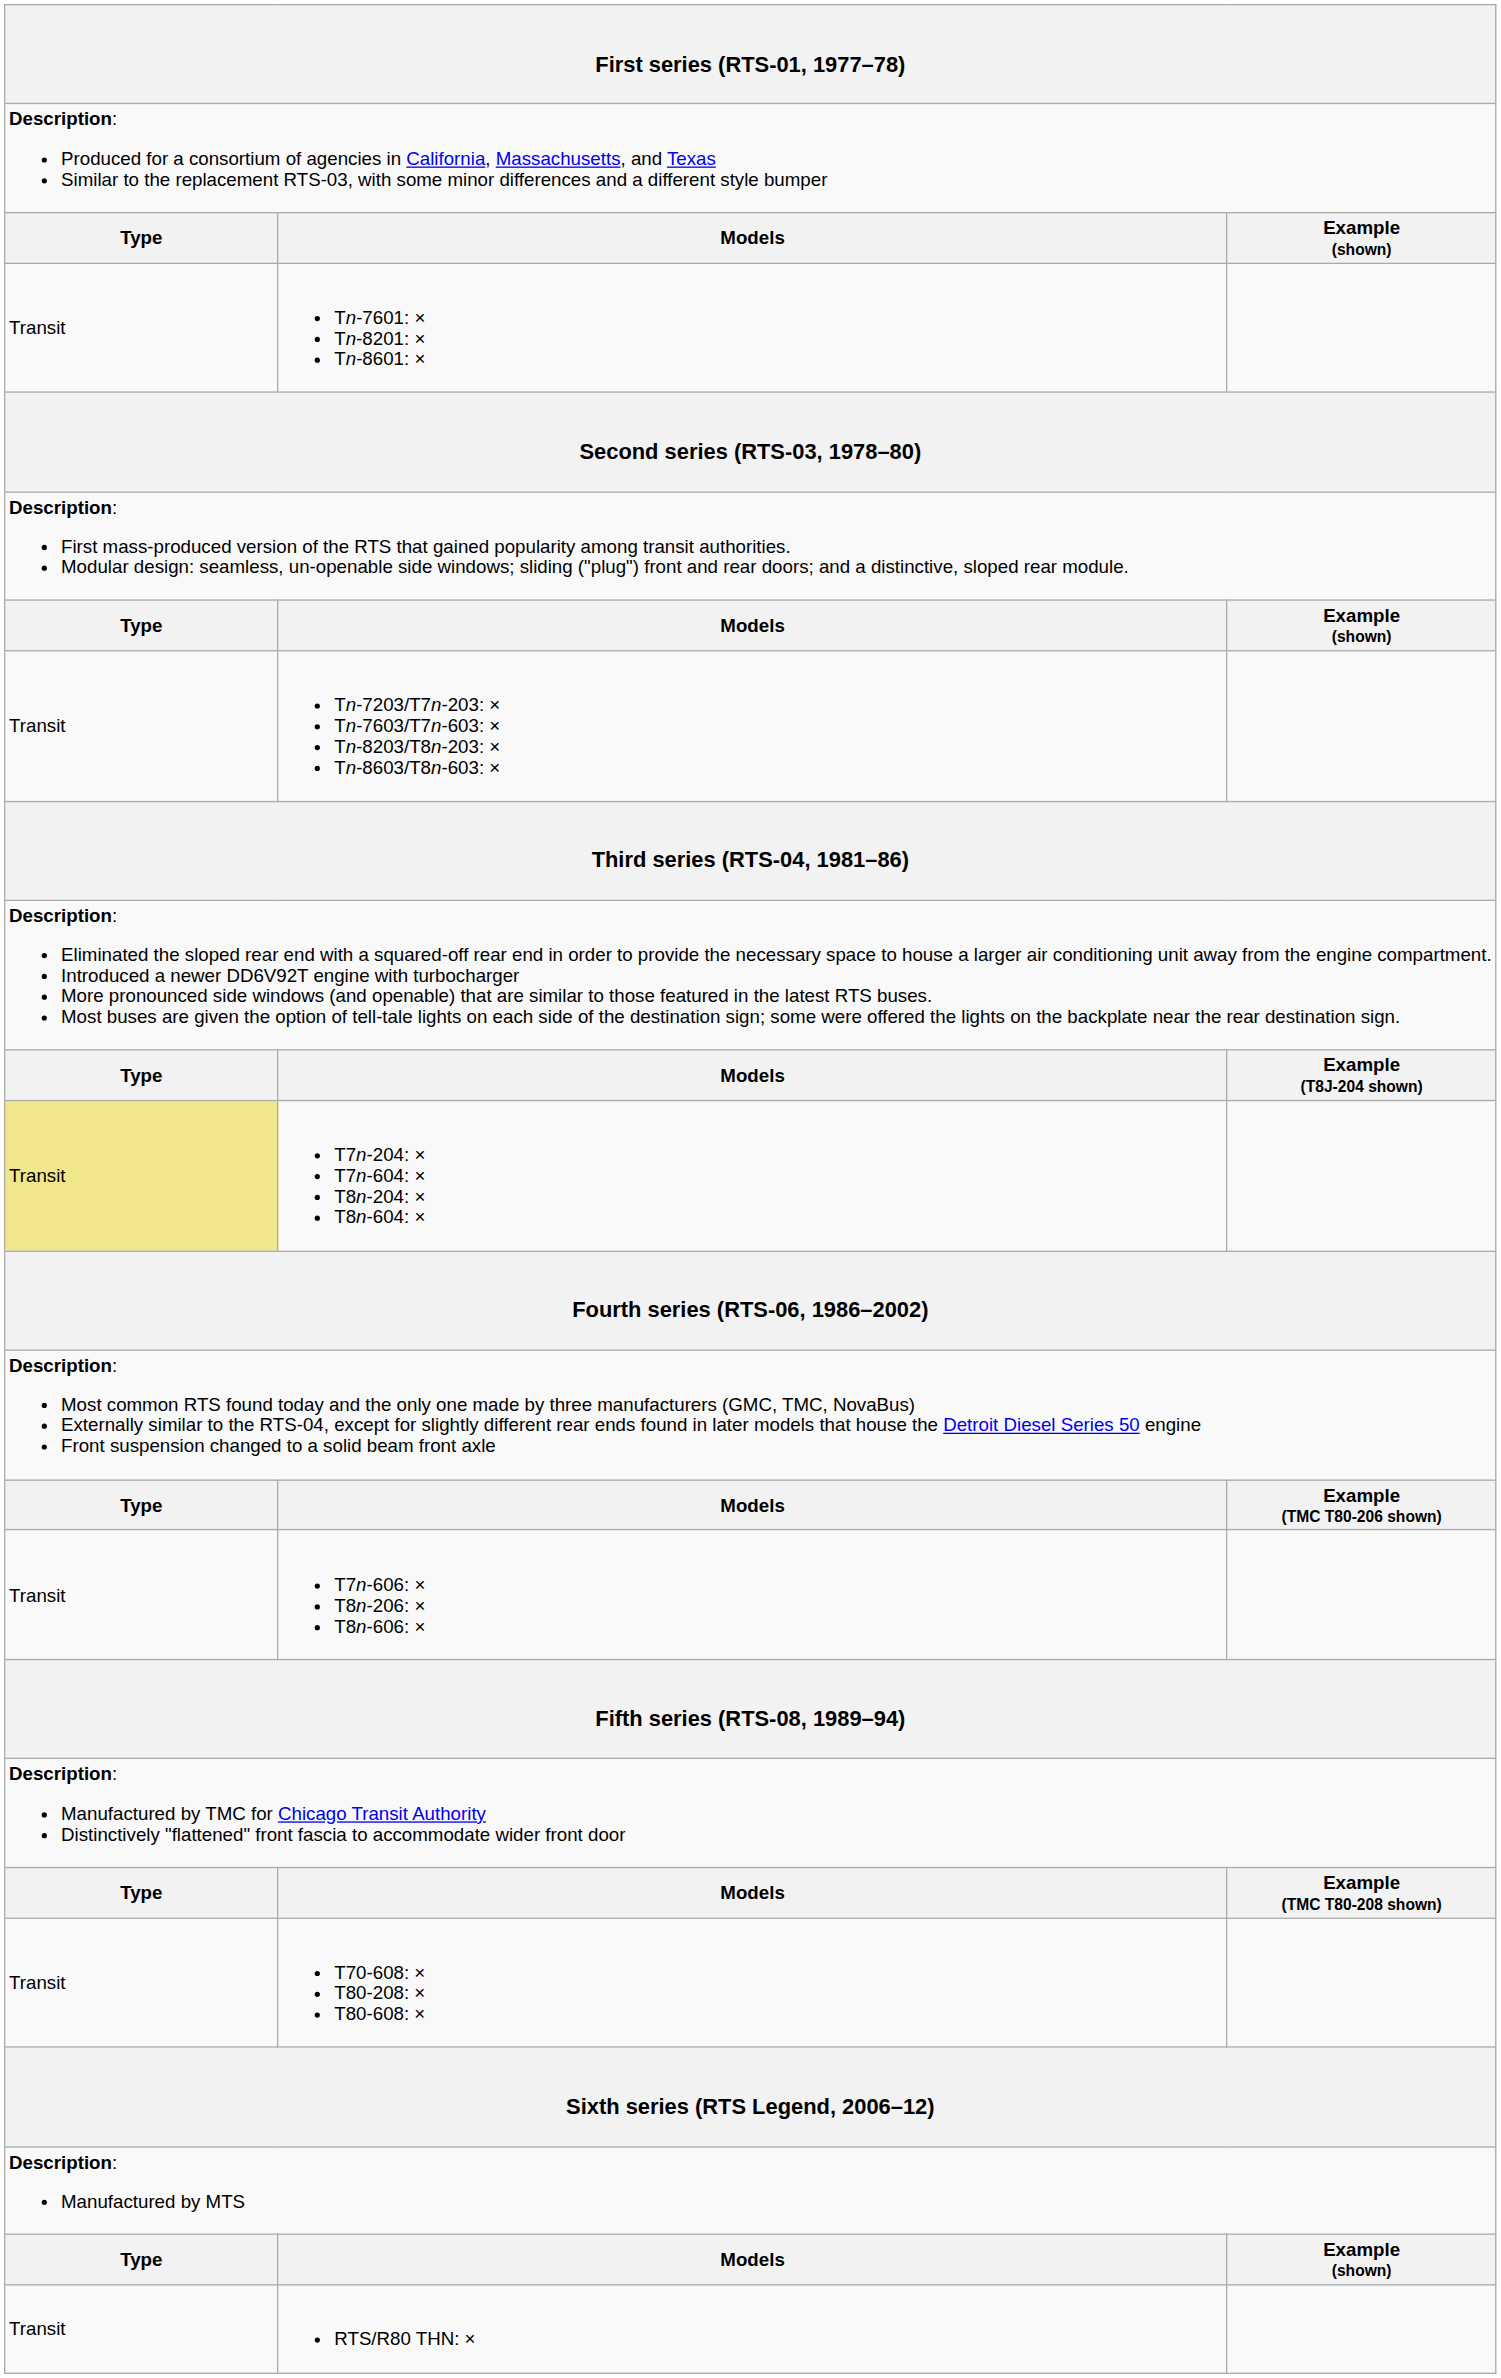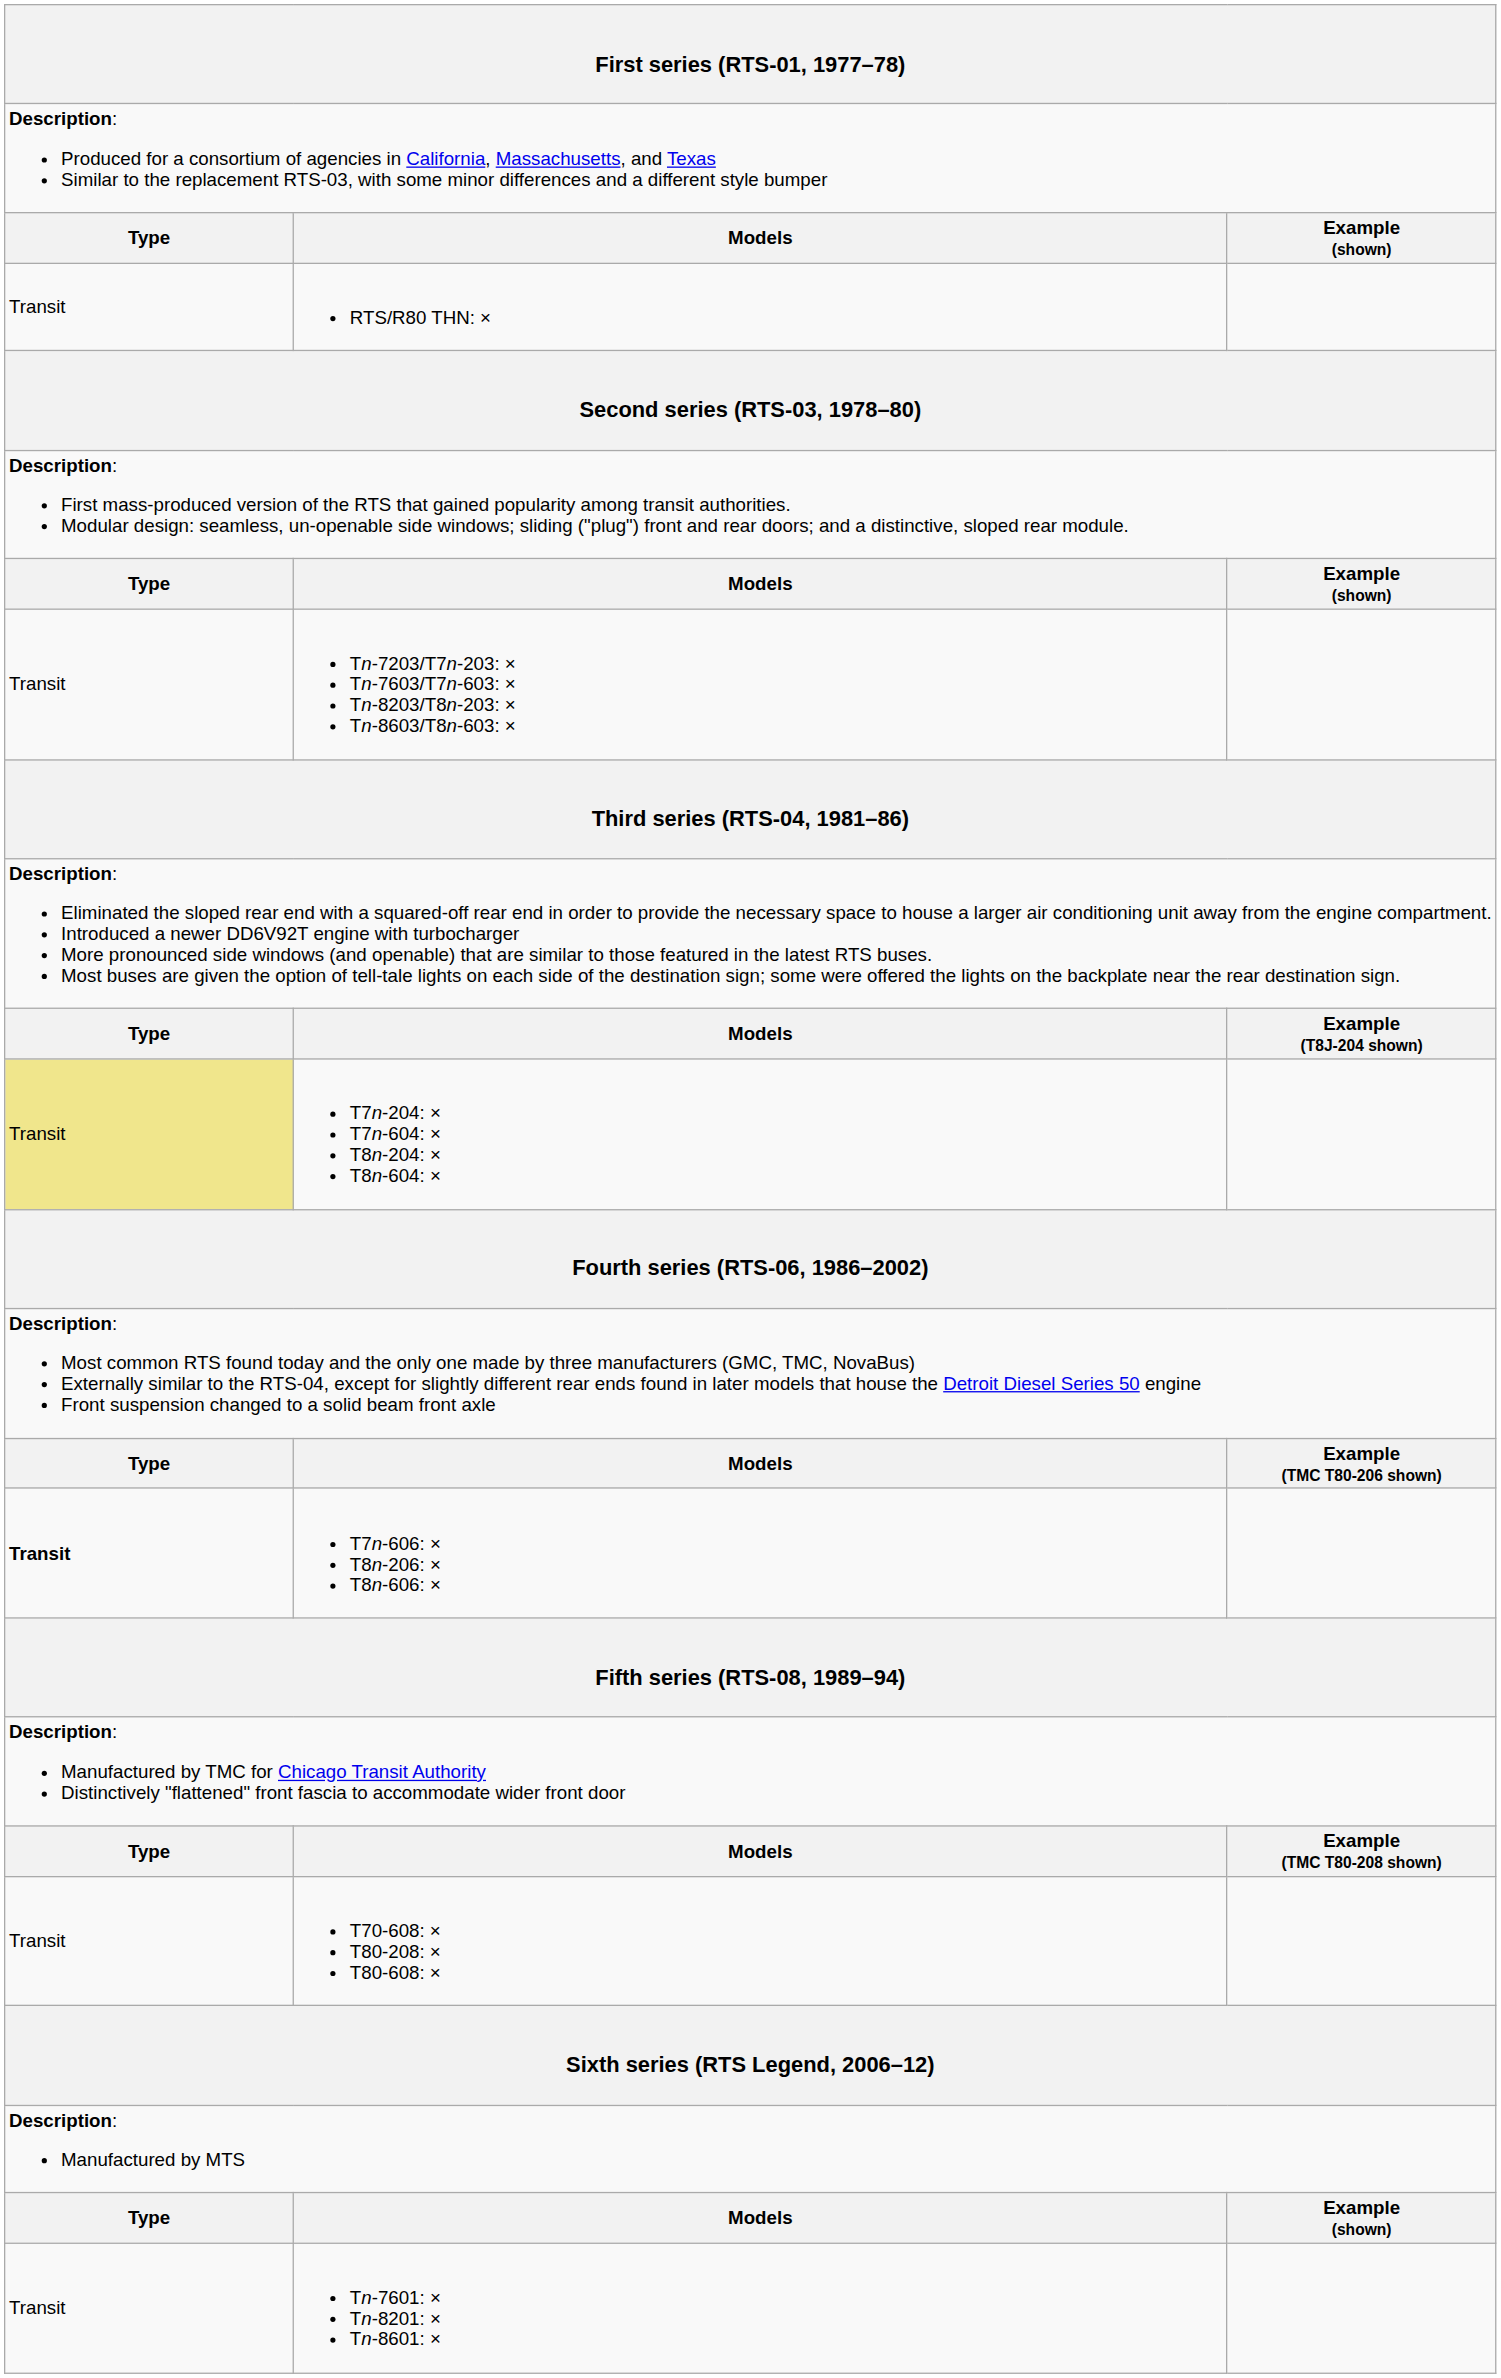 <table class="wikitable" style="font-size:90%;">
 <tr>
 <th colspan=3><br><h3>First series (RTS-01, 1977–78)</h3></th>
 </tr>
 <tr>
 <td colspan=3><strong>Description</strong>:<br><ul><li>Produced for a consortium of agencies in <a href='#'>California</a>, <a href='#'>Massachusetts</a>, and <a href='#'>Texas</a></li><li>Similar to the replacement RTS-03, with some minor differences and a different style bumper</li></ul></td>
 </tr>
 <tr>
 <th>Type</th>
 <th>Models</th>
 <th>Example<br><small>(shown)</small></th>
 </tr>
 <tr>
 <td>Transit</td>
-<td><br><ul><li>T<em>n</em>-7601:  × </li><li>T<em>n</em>-8201:  × </li><li>T<em>n</em>-8601:  × </li></ul></td>
+<td><br><ul><li>RTS/R80 THN:  × </li></ul></td>
 <td></td>
 </tr>
 <tr>
 <th colspan=3><br><h3>Second series (RTS-03, 1978–80)</h3></th>
 </tr>
 <tr>
 <td colspan=3><strong>Description</strong>:<br><ul><li>First mass-produced version of the RTS that gained popularity among transit authorities.</li><li>Modular design: seamless, un-openable side windows; sliding ("plug") front and rear doors; and a distinctive, sloped rear module.</li></ul></td>
 </tr>
 <tr>
 <th>Type</th>
 <th>Models</th>
 <th>Example<br><small>(shown)</small></th>
 </tr>
 <tr>
 <td>Transit</td>
 <td><br><ul><li>T<em>n</em>-7203/T7<em>n</em>-203:  × </li><li>T<em>n</em>-7603/T7<em>n</em>-603:  × </li><li>T<em>n</em>-8203/T8<em>n</em>-203:  × </li><li>T<em>n</em>-8603/T8<em>n</em>-603:  × </li></ul></td>
 <td></td>
 </tr>
 <tr>
 <th colspan=3><br><h3>Third series (RTS-04, 1981–86)</h3></th>
 </tr>
 <tr>
 <td colspan=3><strong>Description</strong>:<br><ul><li>Eliminated the sloped rear end with a squared-off rear end in order to provide the necessary space to house a larger air conditioning unit away from the engine compartment.</li><li>Introduced a newer DD6V92T engine with turbocharger</li><li>More pronounced side windows (and openable) that are similar to those featured in the latest RTS buses.</li><li>Most buses are given the option of tell-tale lights on each side of the destination sign; some were offered the lights on the backplate near the rear destination sign.</li></ul></td>
 </tr>
 <tr>
 <th>Type</th>
 <th>Models</th>
 <th>Example<br><small>(T8J-204 shown)</small></th>
 </tr>
 <tr>
 <td style="background: khaki;">Transit</td>
 <td><br><ul><li>T7<em>n</em>-204:  × </li><li>T7<em>n</em>-604:  × </li><li>T8<em>n</em>-204:  × </li><li>T8<em>n</em>-604:  × </li></ul></td>
 <td></td>
 </tr>
 <tr>
 <th colspan=3><br><h3>Fourth series (RTS-06, 1986–2002)</h3></th>
 </tr>
 <tr>
 <td colspan=3><strong>Description</strong>:<br><ul><li>Most common RTS found today and the only one made by three manufacturers (GMC, TMC, NovaBus)</li><li>Externally similar to the RTS-04, except for slightly different rear ends found in later models that house the <a href='#'>Detroit Diesel Series 50</a> engine</li><li>Front suspension changed to a solid beam front axle</li></ul></td>
 </tr>
 <tr>
 <th>Type</th>
 <th>Models</th>
 <th style="width:200px;">Example<br><small>(TMC T80-206 shown)</small></th>
 </tr>
 <tr>
-<td>Transit</td>
+<td><strong>Transit</strong></td>
 <td><br><ul><li>T7<em>n</em>-606:  × </li><li>T8<em>n</em>-206:  × </li><li>T8<em>n</em>-606:  × </li></ul></td>
 <td></td>
 </tr>
 <tr>
 <th colspan=3><br><h3>Fifth series (RTS-08, 1989–94)</h3></th>
 </tr>
 <tr>
 <td colspan=3><strong>Description</strong>:<br><ul><li>Manufactured by TMC for <a href='#'>Chicago Transit Authority</a></li><li>Distinctively "flattened" front fascia to accommodate wider front door</li></ul></td>
 </tr>
 <tr>
 <th>Type</th>
 <th>Models</th>
 <th style="width:200px;">Example<br><small>(TMC T80-208 shown)</small></th>
 </tr>
 <tr>
 <td>Transit</td>
 <td><br><ul><li>T70-608:  × </li><li>T80-208:  × </li><li>T80-608:  × </li></ul></td>
 <td></td>
 </tr>
 <tr>
 <th colspan=3><br><h3>Sixth series (RTS Legend, 2006–12)</h3></th>
 </tr>
 <tr>
 <td colspan=3><strong>Description</strong>:<br><ul><li>Manufactured by MTS</li></ul></td>
 </tr>
 <tr>
 <th>Type</th>
 <th>Models</th>
 <th style="width:200px;">Example<br><small>(shown)</small></th>
 </tr>
 <tr>
 <td>Transit</td>
-<td><br><ul><li>RTS/R80 THN:  × </li></ul></td>
+<td><br><ul><li>T<em>n</em>-7601:  × </li><li>T<em>n</em>-8201:  × </li><li>T<em>n</em>-8601:  × </li></ul></td>
 <td></td>
 </tr>
 </table>
